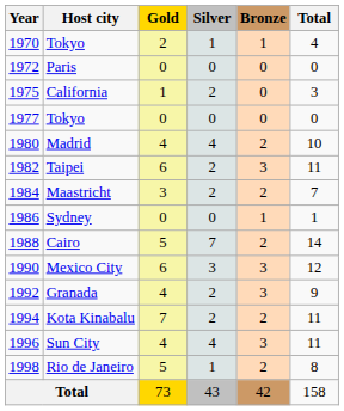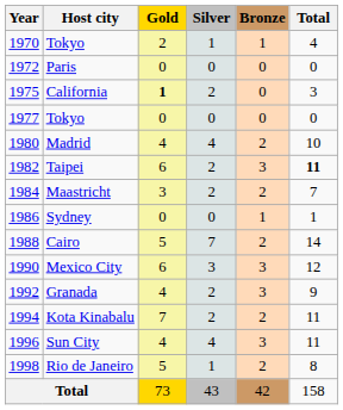 <table class="wikitable" style="text-align:center; font-size:90%;">
 <tr>
 <th>Year</th>
 <th>Host city</th>
 <td width=40 bgcolor=gold align="center"><strong>Gold</strong></td>
 <td width=40 bgcolor=silver align="center"><strong>Silver</strong></td>
 <td width=4 bgcolor=#cc9966 align="center"><strong>Bronze</strong></td>
 <th width=40>Total</th>
 </tr>
 <tr align="center">
 <td><a href='#'>1970</a></td>
 <td align="left"> <a href='#'>Tokyo</a></td>
 <td style="background:#F7F6A8;">2</td>
 <td style="background:#DCE5E5;">1</td>
 <td style="background:#FFDAB9;">1</td>
 <td>4</td>
 </tr>
 <tr align="center">
 <td><a href='#'>1972</a></td>
 <td align="left"> <a href='#'>Paris</a></td>
 <td style="background:#F7F6A8;">0</td>
 <td style="background:#DCE5E5;">0</td>
 <td style="background:#FFDAB9;">0</td>
 <td>0</td>
 </tr>
 <tr align="center">
 <td><a href='#'>1975</a></td>
 <td align="left"> <a href='#'>California</a></td>
-<td style="background:#F7F6A8;">1</td>
+<td style="background:#F7F6A8;"><strong>1</strong></td>
 <td style="background:#DCE5E5;">2</td>
 <td style="background:#FFDAB9;">0</td>
 <td>3</td>
 </tr>
 <tr align="center">
 <td><a href='#'>1977</a></td>
 <td align="left"> <a href='#'>Tokyo</a></td>
 <td style="background:#F7F6A8;">0</td>
 <td style="background:#DCE5E5;">0</td>
 <td style="background:#FFDAB9;">0</td>
 <td>0</td>
 </tr>
 <tr align="center">
 <td><a href='#'>1980</a></td>
 <td align="left"> <a href='#'>Madrid</a></td>
 <td style="background:#F7F6A8;">4</td>
 <td style="background:#DCE5E5;">4</td>
 <td style="background:#FFDAB9;">2</td>
 <td>10</td>
 </tr>
 <tr align="center">
 <td><a href='#'>1982</a></td>
 <td align="left"> <a href='#'>Taipei</a></td>
 <td style="background:#F7F6A8;">6</td>
 <td style="background:#DCE5E5;">2</td>
 <td style="background:#FFDAB9;">3</td>
-<td>11</td>
+<td><strong>11</strong></td>
 </tr>
 <tr align="center">
 <td><a href='#'>1984</a></td>
 <td align="left"> <a href='#'>Maastricht</a></td>
 <td style="background:#F7F6A8;">3</td>
 <td style="background:#DCE5E5;">2</td>
 <td style="background:#FFDAB9;">2</td>
 <td>7</td>
 </tr>
 <tr align="center">
 <td><a href='#'>1986</a></td>
 <td align="left"> <a href='#'>Sydney</a></td>
 <td style="background:#F7F6A8;">0</td>
 <td style="background:#DCE5E5;">0</td>
 <td style="background:#FFDAB9;">1</td>
 <td>1</td>
 </tr>
 <tr align="center">
 <td><a href='#'>1988</a></td>
 <td align="left"> <a href='#'>Cairo</a></td>
 <td style="background:#F7F6A8;">5</td>
 <td style="background:#DCE5E5;">7</td>
 <td style="background:#FFDAB9;">2</td>
 <td>14</td>
 </tr>
 <tr align="center">
 <td><a href='#'>1990</a></td>
 <td align="left"> <a href='#'>Mexico City</a></td>
 <td style="background:#F7F6A8;">6</td>
 <td style="background:#DCE5E5;">3</td>
 <td style="background:#FFDAB9;">3</td>
 <td>12</td>
 </tr>
 <tr align="center">
 <td><a href='#'>1992</a></td>
 <td align="left"> <a href='#'>Granada</a></td>
 <td style="background:#F7F6A8;">4</td>
 <td style="background:#DCE5E5;">2</td>
 <td style="background:#FFDAB9;">3</td>
 <td>9</td>
 </tr>
 <tr align="center">
 <td><a href='#'>1994</a></td>
 <td align="left"> <a href='#'>Kota Kinabalu</a></td>
 <td style="background:#F7F6A8;">7</td>
 <td style="background:#DCE5E5;">2</td>
 <td style="background:#FFDAB9;">2</td>
 <td>11</td>
 </tr>
 <tr align="center">
 <td><a href='#'>1996</a></td>
 <td align="left"> <a href='#'>Sun City</a></td>
 <td style="background:#F7F6A8;">4</td>
 <td style="background:#DCE5E5;">4</td>
 <td style="background:#FFDAB9;">3</td>
 <td>11</td>
 </tr>
 <tr align="center">
 <td><a href='#'>1998</a></td>
 <td align="left"> <a href='#'>Rio de Janeiro</a></td>
 <td style="background:#F7F6A8;">5</td>
 <td style="background:#DCE5E5;">1</td>
 <td style="background:#FFDAB9;">2</td>
 <td>8</td>
 </tr>
 <tr align="center">
 <th colspan=2>Total</th>
 <td style="background:gold;">73</td>
 <td style="background:silver;">43</td>
 <td style="background:#CC9966;">42</td>
 <td>158</td>
 </tr>
 </table>
